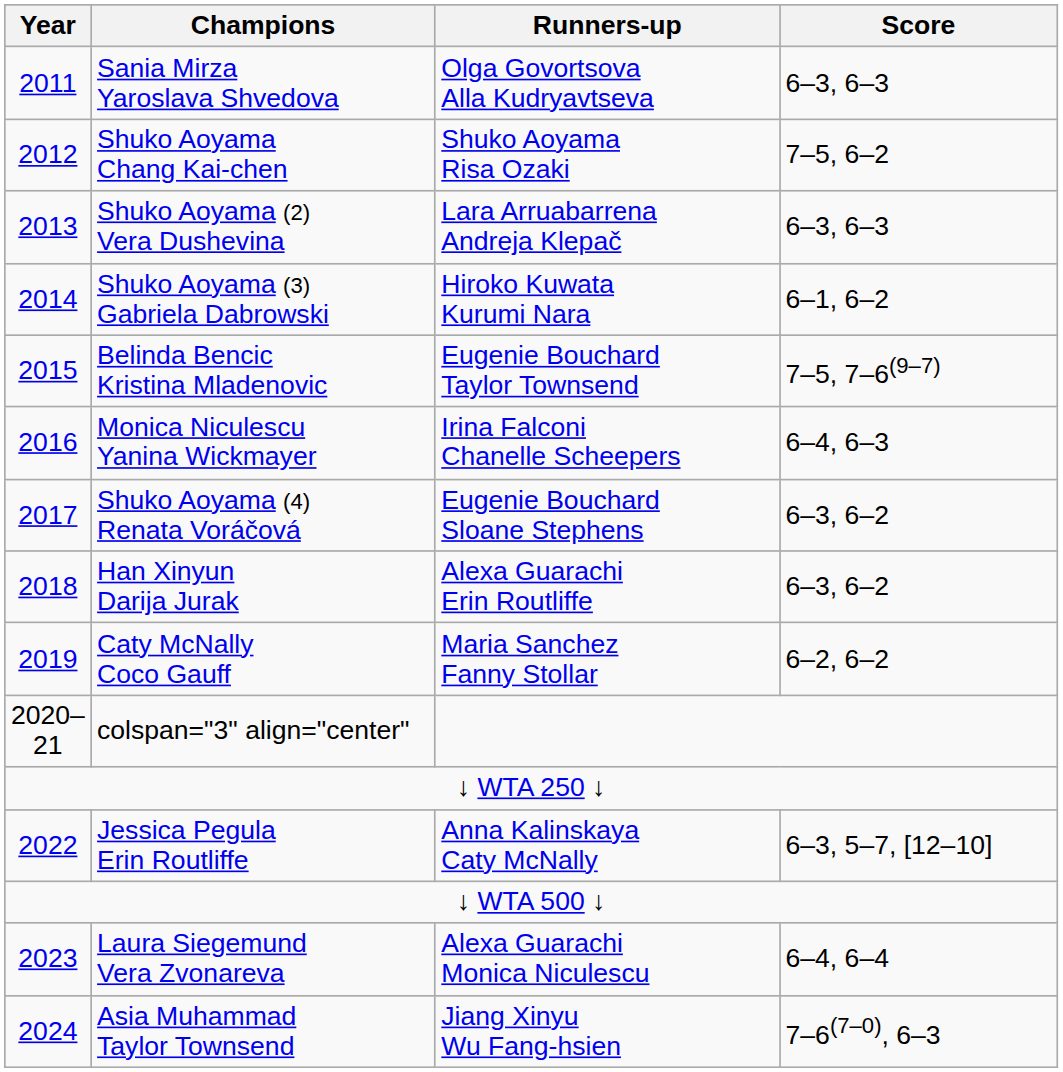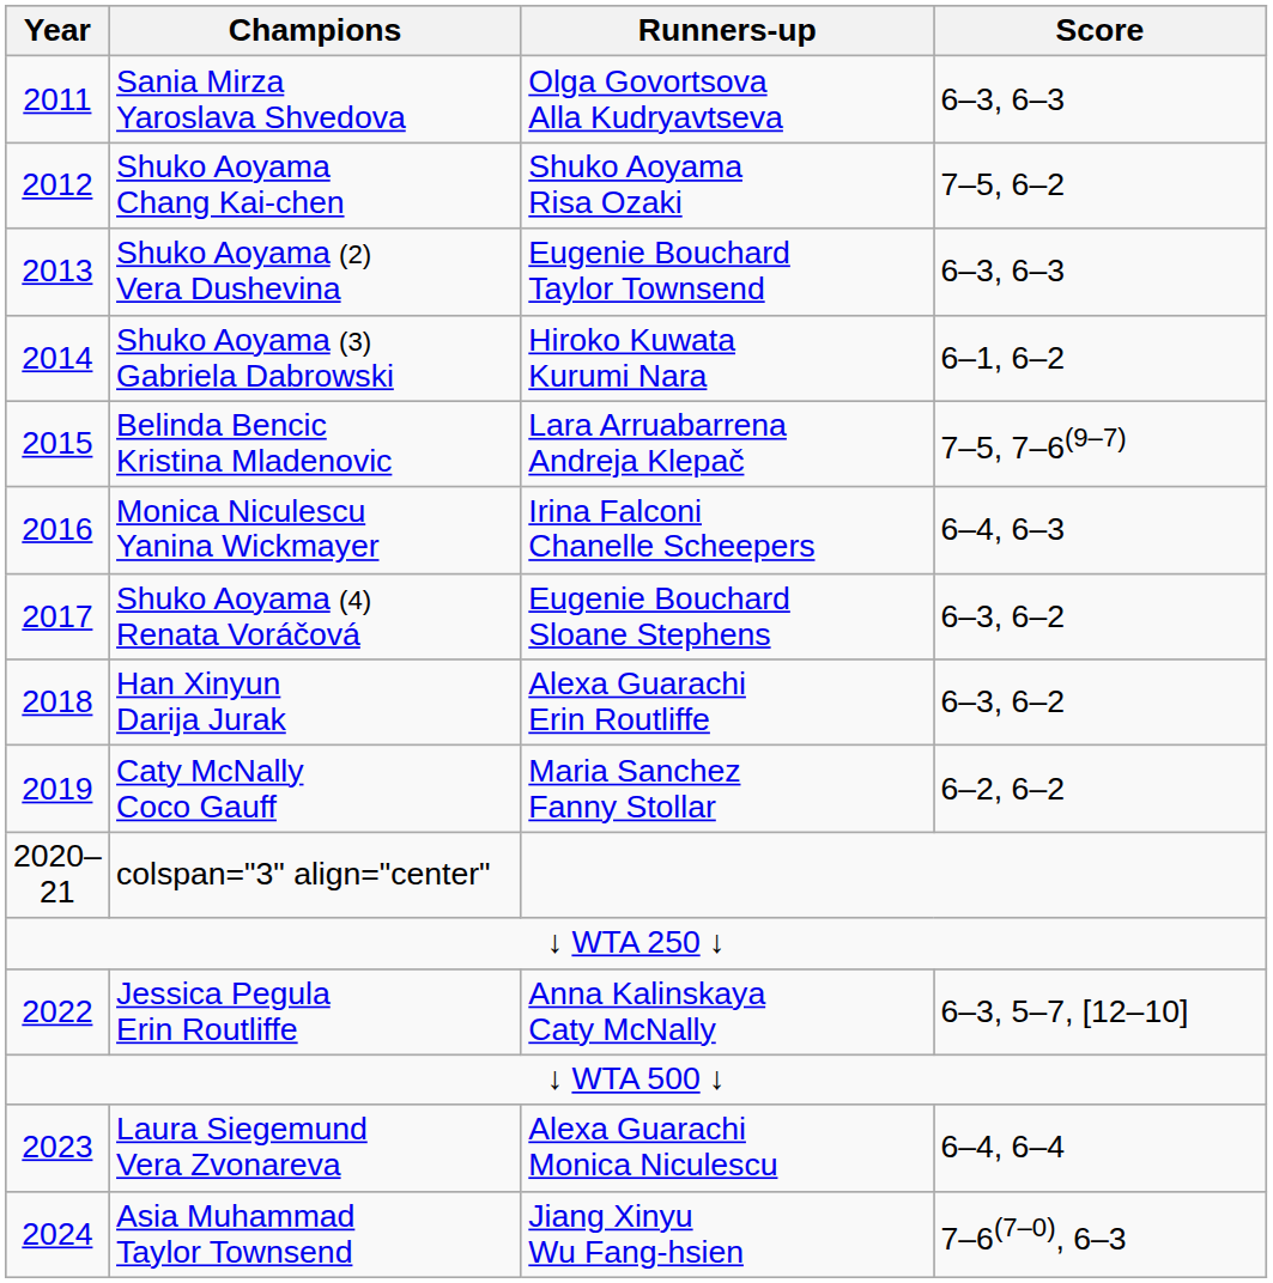 <table class=wikitable>
 <tr>
 <th style="width:40px;">Year</th>
 <th style="width:200px;">Champions</th>
 <th style="width:200px;">Runners-up</th>
 <th style="width:160px;">Score</th>
 </tr>
 <tr>
 <td align="center"><a href='#'>2011</a></td>
 <td> <a href='#'>Sania Mirza</a> <br> <a href='#'>Yaroslava Shvedova</a></td>
 <td> <a href='#'>Olga Govortsova</a><br> <a href='#'>Alla Kudryavtseva</a></td>
 <td>6–3, 6–3</td>
 </tr>
 <tr>
 <td align="center"><a href='#'>2012</a></td>
 <td> <a href='#'>Shuko Aoyama</a><br> <a href='#'>Chang Kai-chen</a></td>
 <td> <a href='#'>Shuko Aoyama</a><br> <a href='#'>Risa Ozaki</a></td>
 <td>7–5, 6–2</td>
 </tr>
 <tr>
 <td align="center"><a href='#'>2013</a></td>
 <td> <a href='#'>Shuko Aoyama</a> <small> (2) </small><br> <a href='#'>Vera Dushevina</a></td>
-<td> <a href='#'>Lara Arruabarrena</a><br> <a href='#'>Andreja Klepač</a></td>
+<td> <a href='#'>Eugenie Bouchard</a><br> <a href='#'>Taylor Townsend</a></td>
 <td>6–3, 6–3</td>
 </tr>
 <tr>
 <td align="center"><a href='#'>2014</a></td>
 <td> <a href='#'>Shuko Aoyama</a> <small> (3) </small><br> <a href='#'>Gabriela Dabrowski</a></td>
 <td> <a href='#'>Hiroko Kuwata</a><br> <a href='#'>Kurumi Nara</a></td>
 <td>6–1, 6–2</td>
 </tr>
 <tr>
 <td align="center"><a href='#'>2015</a></td>
 <td> <a href='#'>Belinda Bencic</a><br> <a href='#'>Kristina Mladenovic</a></td>
-<td> <a href='#'>Eugenie Bouchard</a><br> <a href='#'>Taylor Townsend</a></td>
+<td> <a href='#'>Lara Arruabarrena</a><br> <a href='#'>Andreja Klepač</a></td>
 <td>7–5, 7–6<sup>(9–7)</sup></td>
 </tr>
 <tr>
 <td align="center"><a href='#'>2016</a></td>
 <td> <a href='#'>Monica Niculescu</a><br> <a href='#'>Yanina Wickmayer</a></td>
 <td> <a href='#'>Irina Falconi</a><br> <a href='#'>Chanelle Scheepers</a></td>
 <td>6–4, 6–3</td>
 </tr>
 <tr>
 <td align="center"><a href='#'>2017</a></td>
 <td> <a href='#'>Shuko Aoyama</a> <small> (4) </small><br> <a href='#'>Renata Voráčová</a></td>
 <td> <a href='#'>Eugenie Bouchard</a><br> <a href='#'>Sloane Stephens</a></td>
 <td>6–3, 6–2</td>
 </tr>
 <tr>
 <td align="center"><a href='#'>2018</a></td>
 <td> <a href='#'>Han Xinyun</a><br> <a href='#'>Darija Jurak</a></td>
 <td> <a href='#'>Alexa Guarachi</a><br> <a href='#'>Erin Routliffe</a></td>
 <td>6–3, 6–2</td>
 </tr>
 <tr>
 <td align="center"><a href='#'>2019</a></td>
 <td> <a href='#'>Caty McNally</a> <br> <a href='#'>Coco Gauff</a></td>
 <td> <a href='#'>Maria Sanchez</a><br>  <a href='#'>Fanny Stollar</a></td>
 <td>6–2, 6–2</td>
 </tr>
 <tr>
 <td align="center">2020–21</td>
 <td>colspan="3" align="center" </td>
 </tr>
 <tr>
 <td colspan=5 align=center>↓ <a href='#'>WTA 250</a> ↓</td>
 </tr>
 <tr>
 <td align="center"><a href='#'>2022</a></td>
 <td> <a href='#'>Jessica Pegula</a> <br> <a href='#'>Erin Routliffe</a></td>
 <td> <a href='#'>Anna Kalinskaya</a><br>  <a href='#'>Caty McNally</a></td>
 <td>6–3, 5–7, [12–10]</td>
 </tr>
 <tr>
 <td colspan=5 align=center>↓ <a href='#'>WTA 500</a> ↓</td>
 </tr>
 <tr>
 <td align="center"><a href='#'>2023</a></td>
 <td> <a href='#'>Laura Siegemund</a> <br> <a href='#'>Vera Zvonareva</a></td>
 <td> <a href='#'>Alexa Guarachi</a><br>  <a href='#'>Monica Niculescu</a></td>
 <td>6–4, 6–4</td>
 </tr>
 <tr>
 <td align="center"><a href='#'>2024</a></td>
 <td> <a href='#'>Asia Muhammad</a> <br> <a href='#'>Taylor Townsend</a></td>
 <td> <a href='#'>Jiang Xinyu</a><br>  <a href='#'>Wu Fang-hsien</a></td>
 <td>7–6<sup>(7–0)</sup>, 6–3</td>
 </tr>
 </table>
